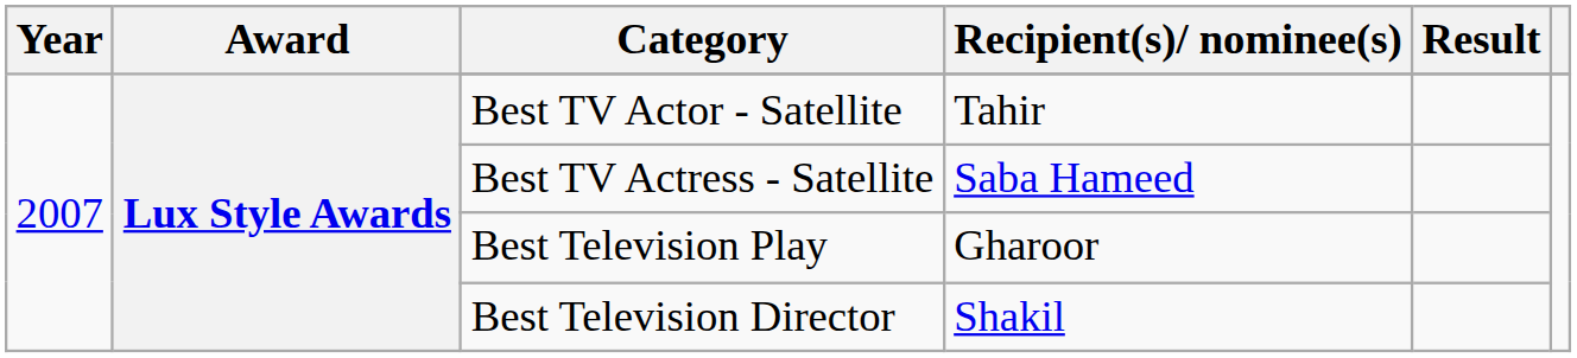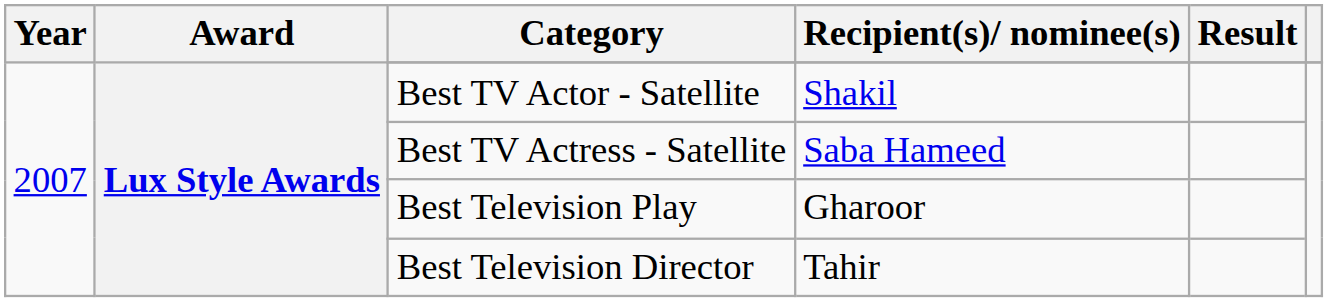 <table class="wikitable plainrowheaders">
 <tr>
 <th>Year</th>
 <th>Award</th>
 <th>Category</th>
 <th>Recipient(s)/ nominee(s)</th>
 <th scope="col" class="unsortable">Result</th>
 <th scope="col" class="unsortable"></th>
 </tr>
 <tr>
 <td rowspan="5"><a href='#'>2007</a></td>
 <th scope="row" rowspan="5"><a href='#'>Lux Style Awards</a></th>
 </tr>
 <tr>
 <td>Best TV Actor - Satellite</td>
-<td>Tahir</td>
+<td><a href='#'>Shakil</a></td>
 <td></td>
 <td rowspan="5"></td>
 </tr>
 <tr>
 <td>Best TV Actress - Satellite</td>
 <td><a href='#'>Saba Hameed</a></td>
 <td></td>
 </tr>
 <tr>
 <td>Best Television Play</td>
 <td>Gharoor</td>
 <td></td>
 </tr>
 <tr>
 <td>Best Television Director</td>
-<td><a href='#'>Shakil</a></td>
+<td>Tahir</td>
 <td></td>
 </tr>
 </table>
